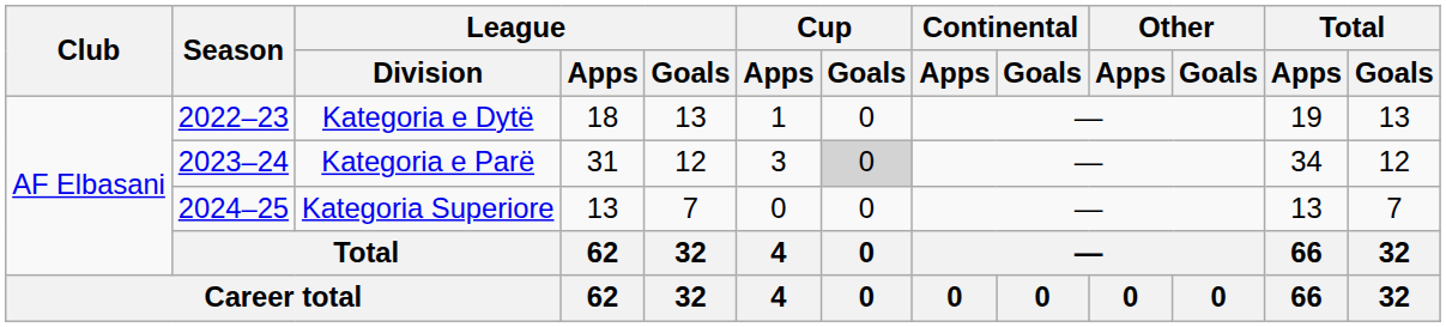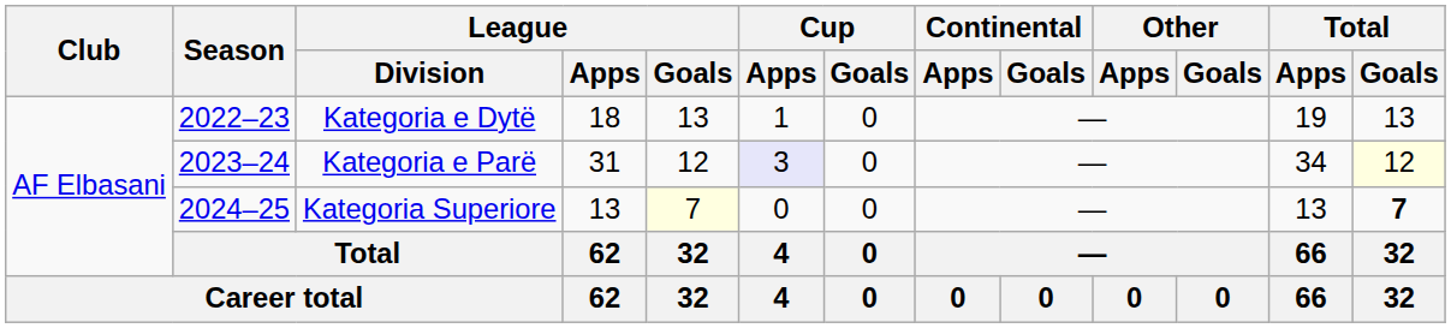 <table class="wikitable" style="text-align:center">
 <tr>
 <th rowspan="2">Club</th>
 <th rowspan="2">Season</th>
 <th colspan="3">League</th>
 <th colspan="2">Cup</th>
 <th colspan="2">Continental</th>
 <th colspan="2">Other</th>
 <th colspan="2">Total</th>
 </tr>
 <tr>
 <th>Division</th>
 <th>Apps</th>
 <th>Goals</th>
 <th>Apps</th>
 <th>Goals</th>
 <th>Apps</th>
 <th>Goals</th>
 <th>Apps</th>
 <th>Goals</th>
 <th>Apps</th>
 <th>Goals</th>
 </tr>
 <tr>
 <td rowspan="4" valign="center"><a href='#'>AF Elbasani</a></td>
 <td><a href='#'>2022–23</a></td>
 <td rowspan="1"><a href='#'>Kategoria e Dytë</a></td>
 <td>18</td>
 <td>13</td>
 <td>1</td>
 <td>0</td>
 <td colspan="4">—</td>
 <td>19</td>
 <td>13</td>
 </tr>
 <tr>
 <td><a href='#'>2023–24</a></td>
 <td rowspan="1"><a href='#'>Kategoria e Parë</a></td>
 <td>31</td>
 <td>12</td>
-<td>3</td>
-<td style="background: lightgrey;">0</td>
+<td style="background: lavender;">3</td>
+<td>0</td>
 <td colspan="4">—</td>
 <td>34</td>
-<td>12</td>
+<td style="background: lightyellow;">12</td>
 </tr>
 <tr>
 <td><a href='#'>2024–25</a></td>
 <td rowspan="1"><a href='#'>Kategoria Superiore</a></td>
 <td>13</td>
-<td>7</td>
+<td style="background: lightyellow;">7</td>
 <td>0</td>
 <td>0</td>
 <td colspan="4">—</td>
 <td>13</td>
-<td>7</td>
+<td><strong>7</strong></td>
 </tr>
 <tr>
 <th colspan="2">Total</th>
 <th>62</th>
 <th>32</th>
 <th>4</th>
 <th>0</th>
 <th colspan="4">—</th>
 <th>66</th>
 <th>32</th>
 </tr>
 <tr>
 <th colspan="3">Career total</th>
 <th>62</th>
 <th>32</th>
 <th>4</th>
 <th>0</th>
 <th>0</th>
 <th>0</th>
 <th>0</th>
 <th>0</th>
 <th>66</th>
 <th>32</th>
 </tr>
 </table>
